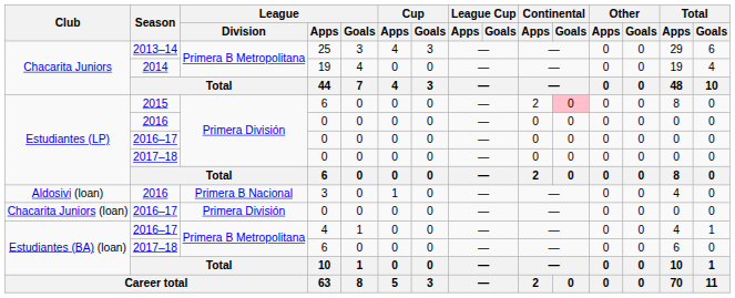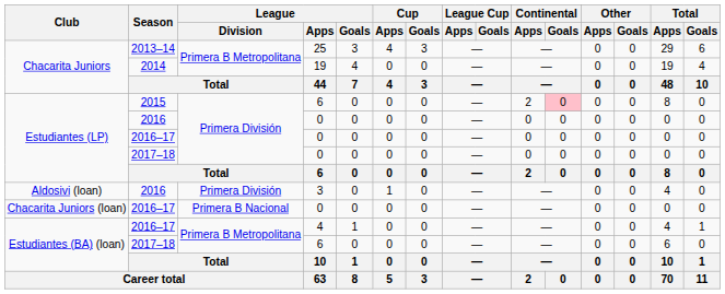 <table class="wikitable" style="text-align:center">
 <tr>
 <th rowspan="2">Club</th>
 <th rowspan="2">Season</th>
 <th colspan="3">League</th>
 <th colspan="2">Cup</th>
 <th colspan="2">League Cup</th>
 <th colspan="2">Continental</th>
 <th colspan="2">Other</th>
 <th colspan="2">Total</th>
 </tr>
 <tr>
 <th>Division</th>
 <th>Apps</th>
 <th>Goals</th>
 <th>Apps</th>
 <th>Goals</th>
 <th>Apps</th>
 <th>Goals</th>
 <th>Apps</th>
 <th>Goals</th>
 <th>Apps</th>
 <th>Goals</th>
 <th>Apps</th>
 <th>Goals</th>
 </tr>
 <tr>
 <td rowspan="3"><a href='#'>Chacarita Juniors</a></td>
 <td><a href='#'>2013–14</a></td>
 <td rowspan="2"><a href='#'>Primera B Metropolitana</a></td>
 <td>25</td>
 <td>3</td>
 <td>4</td>
 <td>3</td>
 <td colspan="2">—</td>
 <td colspan="2">—</td>
 <td>0</td>
 <td>0</td>
 <td>29</td>
 <td>6</td>
 </tr>
 <tr>
 <td><a href='#'>2014</a></td>
 <td>19</td>
 <td>4</td>
 <td>0</td>
 <td>0</td>
 <td colspan="2">—</td>
 <td colspan="2">—</td>
 <td>0</td>
 <td>0</td>
 <td>19</td>
 <td>4</td>
 </tr>
 <tr>
 <th colspan="2">Total</th>
 <th>44</th>
 <th>7</th>
 <th>4</th>
 <th>3</th>
 <th colspan="2">—</th>
 <th colspan="2">—</th>
 <th>0</th>
 <th>0</th>
 <th>48</th>
 <th>10</th>
 </tr>
 <tr>
 <td rowspan="5"><a href='#'>Estudiantes (LP)</a></td>
 <td><a href='#'>2015</a></td>
 <td rowspan="4"><a href='#'>Primera División</a></td>
 <td>6</td>
 <td>0</td>
 <td>0</td>
 <td>0</td>
 <td colspan="2">—</td>
 <td>2</td>
 <td style="background: pink;">0</td>
 <td>0</td>
 <td>0</td>
 <td>8</td>
 <td>0</td>
 </tr>
 <tr>
 <td><a href='#'>2016</a></td>
 <td>0</td>
 <td>0</td>
 <td>0</td>
 <td>0</td>
 <td colspan="2">—</td>
 <td>0</td>
 <td>0</td>
 <td>0</td>
 <td>0</td>
 <td>0</td>
 <td>0</td>
 </tr>
 <tr>
 <td><a href='#'>2016–17</a></td>
 <td>0</td>
 <td>0</td>
 <td>0</td>
 <td>0</td>
 <td colspan="2">—</td>
 <td>0</td>
 <td>0</td>
 <td>0</td>
 <td>0</td>
 <td>0</td>
 <td>0</td>
 </tr>
 <tr>
 <td><a href='#'>2017–18</a></td>
 <td>0</td>
 <td>0</td>
 <td>0</td>
 <td>0</td>
 <td colspan="2">—</td>
 <td>0</td>
 <td>0</td>
 <td>0</td>
 <td>0</td>
 <td>0</td>
 <td>0</td>
 </tr>
 <tr>
 <th colspan="2">Total</th>
 <th>6</th>
 <th>0</th>
 <th>0</th>
 <th>0</th>
 <th colspan="2">—</th>
 <th>2</th>
 <th>0</th>
 <th>0</th>
 <th>0</th>
 <th>8</th>
 <th>0</th>
 </tr>
 <tr>
 <td rowspan="1"><a href='#'>Aldosivi</a> (loan)</td>
 <td><a href='#'>2016</a></td>
-<td rowspan="1"><a href='#'>Primera B Nacional</a></td>
+<td rowspan="1"><a href='#'>Primera División</a></td>
 <td>3</td>
 <td>0</td>
 <td>1</td>
 <td>0</td>
 <td colspan="2">—</td>
 <td colspan="2">—</td>
 <td>0</td>
 <td>0</td>
 <td>4</td>
 <td>0</td>
 </tr>
 <tr>
 <td rowspan="1"><a href='#'>Chacarita Juniors</a> (loan)</td>
 <td><a href='#'>2016–17</a></td>
-<td rowspan="1"><a href='#'>Primera División</a></td>
+<td rowspan="1"><a href='#'>Primera B Nacional</a></td>
 <td>0</td>
 <td>0</td>
 <td>0</td>
 <td>0</td>
 <td colspan="2">—</td>
 <td colspan="2">—</td>
 <td>0</td>
 <td>0</td>
 <td>0</td>
 <td>0</td>
 </tr>
 <tr>
 <td rowspan="3"><a href='#'>Estudiantes (BA)</a> (loan)</td>
 <td><a href='#'>2016–17</a></td>
 <td rowspan="2"><a href='#'>Primera B Metropolitana</a></td>
 <td>4</td>
 <td>1</td>
 <td>0</td>
 <td>0</td>
 <td colspan="2">—</td>
 <td colspan="2">—</td>
 <td>0</td>
 <td>0</td>
 <td>4</td>
 <td>1</td>
 </tr>
 <tr>
 <td><a href='#'>2017–18</a></td>
 <td>6</td>
 <td>0</td>
 <td>0</td>
 <td>0</td>
 <td colspan="2">—</td>
 <td colspan="2">—</td>
 <td>0</td>
 <td>0</td>
 <td>6</td>
 <td>0</td>
 </tr>
 <tr>
 <th colspan="2">Total</th>
 <th>10</th>
 <th>1</th>
 <th>0</th>
 <th>0</th>
 <th colspan="2">—</th>
 <th colspan="2">—</th>
 <th>0</th>
 <th>0</th>
 <th>10</th>
 <th>1</th>
 </tr>
 <tr>
 <th colspan="3">Career total</th>
 <th>63</th>
 <th>8</th>
 <th>5</th>
 <th>3</th>
 <th colspan="2">—</th>
 <th>2</th>
 <th>0</th>
 <th>0</th>
 <th>0</th>
 <th>70</th>
 <th>11</th>
 </tr>
 </table>
